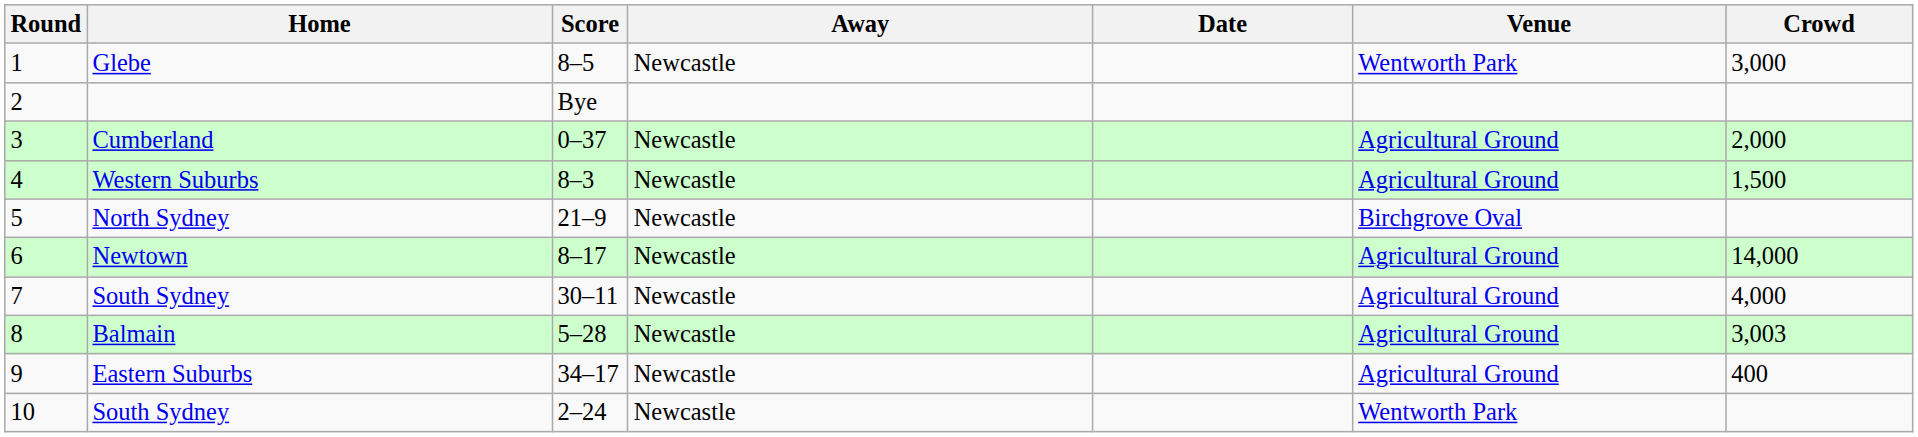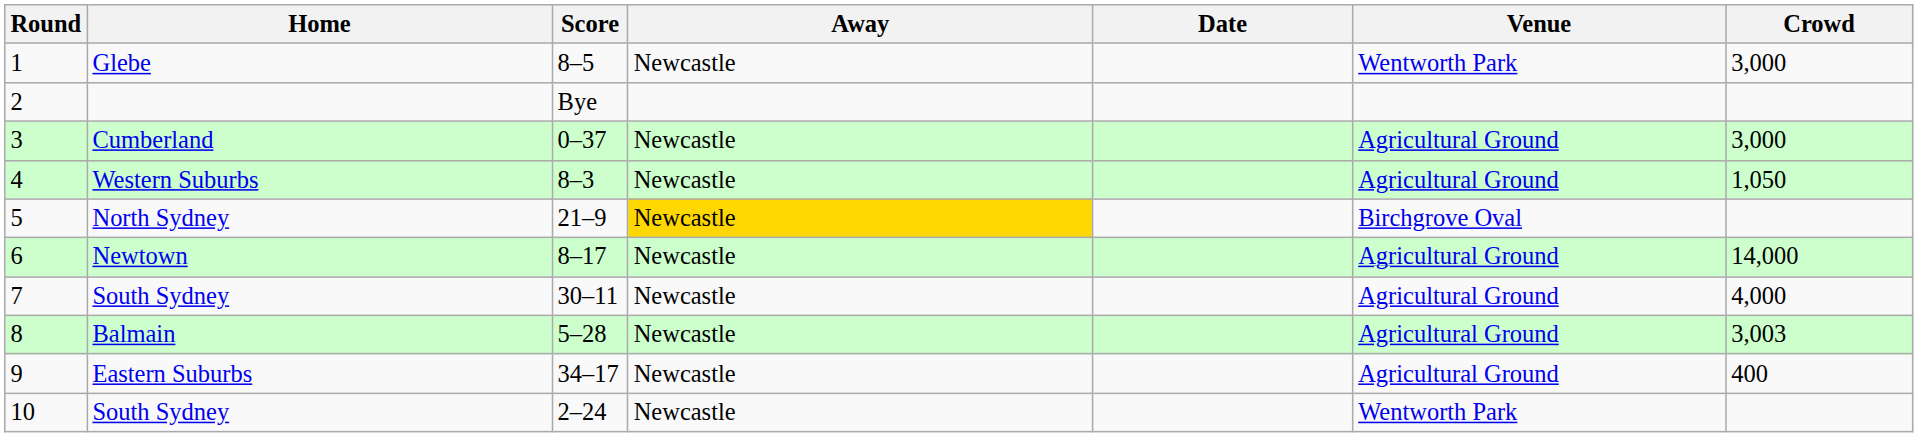 <table class="wikitable sortable">
 <tr>
 <th width=2%>Round</th>
 <th width=25%>Home</th>
 <th width=4%>Score</th>
 <th width=25%>Away</th>
 <th width=14%>Date</th>
 <th width=20%>Venue</th>
 <th width=10%>Crowd</th>
 </tr>
 <tr>
 <td>1</td>
 <td align=left><a href='#'>Glebe</a></td>
 <td>8–5</td>
 <td align=left>Newcastle</td>
 <td></td>
 <td><a href='#'>Wentworth Park</a></td>
 <td>3,000</td>
 </tr>
 <tr>
 <td>2</td>
 <td align=left></td>
 <td>Bye</td>
 <td align=left></td>
 <td></td>
 <td></td>
 <td></td>
 </tr>
 <tr bgcolor=#ccffcc>
 <td>3</td>
 <td align=left><a href='#'>Cumberland</a></td>
 <td>0–37</td>
 <td align=left>Newcastle</td>
 <td></td>
 <td><a href='#'>Agricultural Ground</a></td>
-<td>2,000</td>
+<td>3,000</td>
 </tr>
 <tr bgcolor=#ccffcc>
 <td>4</td>
 <td align=left><a href='#'>Western Suburbs</a></td>
 <td>8–3</td>
 <td align=left>Newcastle</td>
 <td></td>
 <td><a href='#'>Agricultural Ground</a></td>
-<td>1,500</td>
+<td>1,050</td>
 </tr>
 <tr>
 <td>5</td>
 <td align=left><a href='#'>North Sydney</a></td>
 <td>21–9</td>
-<td align=left>Newcastle</td>
+<td align=left style="background: gold;">Newcastle</td>
 <td></td>
 <td><a href='#'>Birchgrove Oval</a></td>
 <td></td>
 </tr>
 <tr bgcolor=#ccffcc>
 <td>6</td>
 <td align=left><a href='#'>Newtown</a></td>
 <td>8–17</td>
 <td align=left>Newcastle</td>
 <td></td>
 <td><a href='#'>Agricultural Ground</a></td>
 <td>14,000</td>
 </tr>
 <tr>
 <td>7</td>
 <td align=left><a href='#'>South Sydney</a></td>
 <td>30–11</td>
 <td align=left>Newcastle</td>
 <td></td>
 <td><a href='#'>Agricultural Ground</a></td>
 <td>4,000</td>
 </tr>
 <tr bgcolor=#ccffcc>
 <td>8</td>
 <td align=left><a href='#'>Balmain</a></td>
 <td>5–28</td>
 <td align=left>Newcastle</td>
 <td></td>
 <td><a href='#'>Agricultural Ground</a></td>
 <td>3,003</td>
 </tr>
 <tr>
 <td>9</td>
 <td align=left><a href='#'>Eastern Suburbs</a></td>
 <td>34–17</td>
 <td align=left>Newcastle</td>
 <td></td>
 <td><a href='#'>Agricultural Ground</a></td>
 <td>400</td>
 </tr>
 <tr>
 <td>10</td>
 <td align=left><a href='#'>South Sydney</a></td>
 <td>2–24</td>
 <td align=left>Newcastle</td>
 <td></td>
 <td><a href='#'>Wentworth Park</a></td>
 <td></td>
 </tr>
 </table>
